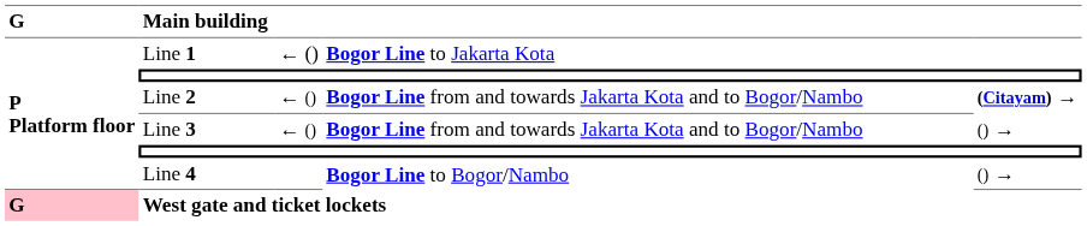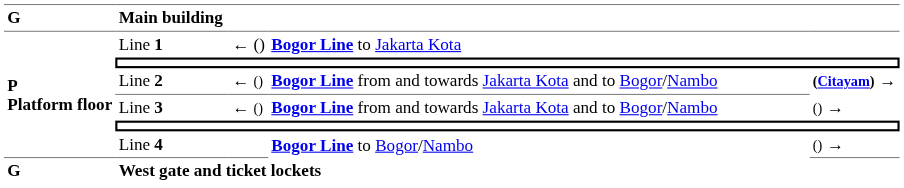 <table cellspacing="0" cellpadding="3">
 <tr>
 <td style="border-top:solid 1px gray;"><strong>G</strong></td>
 <td colspan="4" style="border-top:solid 1px gray;"><strong>Main building</strong></td>
 </tr>
 <tr>
 <td rowspan="6" style="border-top:solid 1px gray; border-bottom:solid 1px gray;"><strong>P</strong><br><strong>Platform floor</strong></td>
 <td style="border-top:solid 1px gray;">Line <strong>1</strong></td>
 <td style="border-top:solid 1px gray;">←  ()</td>
 <td width="500" style="border-top:solid 1px gray;"> <strong><a href='#'>Bogor Line</a></strong> to <a href='#'>Jakarta Kota</a></td>
 <td style="border-top:solid 1px gray;"></td>
 </tr>
 <tr>
 <td colspan="4" style="border-top:solid 2px black;border-right:solid 2px black;border-left:solid 2px black;border-bottom:solid 2px black;text-align:center;"></td>
 </tr>
 <tr>
 <td>Line <strong>2</strong></td>
 <td>←  <small>(</small><small>)</small></td>
 <td width="500"> <strong><a href='#'>Bogor Line</a></strong> from and towards <a href='#'>Jakarta Kota</a> and to <a href='#'>Bogor</a>/<a href='#'>Nambo</a></td>
 <td><strong><small>(<a href='#'>Citayam</a>)</small> →</strong></td>
 </tr>
 <tr>
 <td style="border-top:solid 1px gray;" width="100">Line <strong>3</strong></td>
 <td style="border-top:solid 1px gray;">←  <small>(</small><small>)</small></td>
 <td width="500" style="border-top:solid 1px gray;"> <strong><a href='#'>Bogor Line</a></strong> from and towards <a href='#'>Jakarta Kota</a> and to <a href='#'>Bogor</a>/<a href='#'>Nambo</a></td>
 <td><small>(</small><small>)</small> →</td>
 </tr>
 <tr>
 <td colspan="4" style="border-top:solid 2px black;border-right:solid 2px black;border-left:solid 2px black;border-bottom:solid 2px black;text-align:center;"></td>
 </tr>
 <tr>
 <td style="border-bottom:solid 1px gray;">Line <strong>4</strong></td>
 <td style="border-bottom:solid 1px gray;"></td>
 <td> <strong><a href='#'>Bogor Line</a></strong> to <a href='#'>Bogor</a>/<a href='#'>Nambo</a></td>
 <td style="border-bottom:solid 1px gray;"><small>(</small><small>)</small> →</td>
 </tr>
 <tr>
-<td style="background: pink;"><strong>G</strong></td>
+<td><strong>G</strong></td>
 <td colspan="4"><strong>West gate and ticket lockets</strong></td>
 </tr>
 </table>
